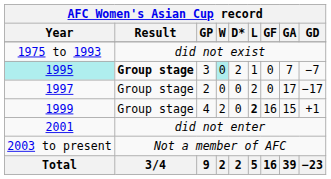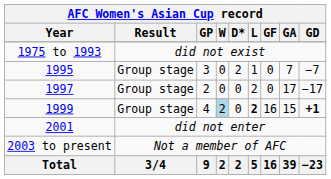 <table class="wikitable" style="text-align: center">
 <tr>
 <th colspan=9><a href='#'>AFC Women's Asian Cup</a> record</th>
 </tr>
 <tr>
 <th>Year</th>
 <th>Result</th>
 <th>GP</th>
 <th>W</th>
 <th>D*</th>
 <th>L</th>
 <th>GF</th>
 <th>GA</th>
 <th>GD</th>
 </tr>
 <tr>
 </tr>
 <tr>
 <td> <a href='#'>1975</a> to  <a href='#'>1993</a></td>
 <td colspan=8><em>did not exist</em></td>
 </tr>
 <tr>
-<td style="background: paleturquoise;"> <a href='#'>1995</a></td>
-<td><strong>Group stage</strong></td>
+<td> <a href='#'>1995</a></td>
+<td>Group stage</td>
 <td>3</td>
-<td style="background: paleturquoise;">0</td>
+<td>0</td>
 <td>2</td>
 <td>1</td>
 <td>0</td>
 <td>7</td>
 <td>−7</td>
 </tr>
 <tr>
 <td> <a href='#'>1997</a></td>
 <td>Group stage</td>
 <td>2</td>
 <td>0</td>
 <td>0</td>
 <td>2</td>
 <td>0</td>
 <td>17</td>
 <td>−17</td>
 </tr>
 <tr>
 <td> <a href='#'>1999</a></td>
 <td>Group stage</td>
 <td>4</td>
-<td>2</td>
+<td style="background: lightblue;">2</td>
 <td>0</td>
 <td><strong>2</strong></td>
 <td>16</td>
 <td>15</td>
-<td>+1</td>
+<td><strong>+1</strong></td>
 </tr>
 <tr>
 <td> <a href='#'>2001</a></td>
 <td colspan=8><em>did not enter</em></td>
 </tr>
 <tr>
 <td> <a href='#'>2003</a> to present</td>
 <td colspan=8><em>Not a member of AFC</em></td>
 </tr>
 <tr>
 <th>Total</th>
 <th>3/4</th>
 <th>9</th>
 <th>2</th>
 <th>2</th>
 <th>5</th>
 <th>16</th>
 <th>39</th>
 <th>−23</th>
 </tr>
 </table>
